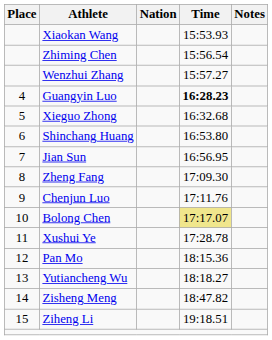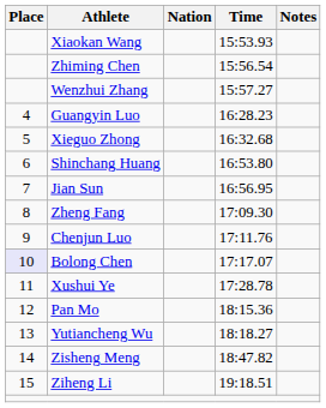 <table class="wikitable mw-datatable sortable" style="text-align:center;">
 <tr>
 <th scope="col">Place</th>
 <th scope="col">Athlete</th>
 <th scope="col">Nation</th>
 <th scope="col">Time</th>
 <th scope="col">Notes</th>
 </tr>
 <tr>
 <td></td>
 <td align="left"><a href='#'>Xiaokan Wang</a></td>
 <td align="left"></td>
 <td>15:53.93</td>
 <td></td>
 </tr>
 <tr>
 <td></td>
 <td align="left"><a href='#'>Zhiming Chen</a></td>
 <td align="left"></td>
 <td>15:56.54</td>
 <td></td>
 </tr>
 <tr>
 <td></td>
 <td align="left"><a href='#'>Wenzhui Zhang</a></td>
 <td align="left"></td>
 <td>15:57.27</td>
 <td></td>
 </tr>
 <tr>
 <td>4</td>
 <td align="left"><a href='#'>Guangyin Luo</a></td>
 <td align="left"></td>
-<td><strong>16:28.23</strong></td>
+<td>16:28.23</td>
 <td></td>
 </tr>
 <tr>
 <td>5</td>
 <td align="left"><a href='#'>Xieguo Zhong</a></td>
 <td align="left"></td>
 <td>16:32.68</td>
 <td></td>
 </tr>
 <tr>
 <td>6</td>
 <td align="left"><a href='#'>Shinchang Huang</a></td>
 <td align="left"></td>
 <td>16:53.80</td>
 <td></td>
 </tr>
 <tr>
 <td>7</td>
 <td align="left"><a href='#'>Jian Sun</a></td>
 <td align="left"></td>
 <td>16:56.95</td>
 <td></td>
 </tr>
 <tr>
 <td>8</td>
 <td align="left"><a href='#'>Zheng Fang</a></td>
 <td align="left"></td>
 <td>17:09.30</td>
 <td></td>
 </tr>
 <tr>
 <td>9</td>
 <td align="left"><a href='#'>Chenjun Luo</a></td>
 <td align="left"></td>
 <td>17:11.76</td>
 <td></td>
 </tr>
 <tr>
-<td>10</td>
+<td style="background: lavender;">10</td>
 <td align="left"><a href='#'>Bolong Chen</a></td>
 <td align="left"></td>
-<td style="background: khaki;">17:17.07</td>
+<td>17:17.07</td>
 <td></td>
 </tr>
 <tr>
 <td>11</td>
 <td align="left"><a href='#'>Xushui Ye</a></td>
 <td align="left"></td>
 <td>17:28.78</td>
 <td></td>
 </tr>
 <tr>
 <td>12</td>
 <td align="left"><a href='#'>Pan Mo</a></td>
 <td align="left"></td>
 <td>18:15.36</td>
 <td></td>
 </tr>
 <tr>
 <td>13</td>
 <td align="left"><a href='#'>Yutiancheng Wu</a></td>
 <td align="left"></td>
 <td>18:18.27</td>
 <td></td>
 </tr>
 <tr>
 <td>14</td>
 <td align="left"><a href='#'>Zisheng Meng</a></td>
 <td align="left"></td>
 <td>18:47.82</td>
 <td></td>
 </tr>
 <tr>
 <td>15</td>
 <td align="left"><a href='#'>Ziheng Li</a></td>
 <td align="left"></td>
 <td>19:18.51</td>
 <td></td>
 </tr>
 <tr class="sortbottom">
 <td colspan="5"></td>
 </tr>
 </table>
